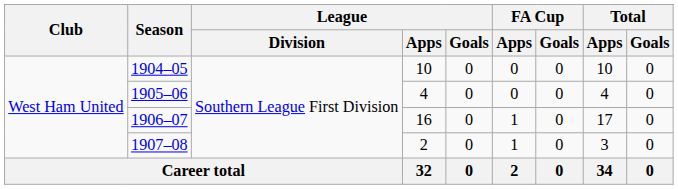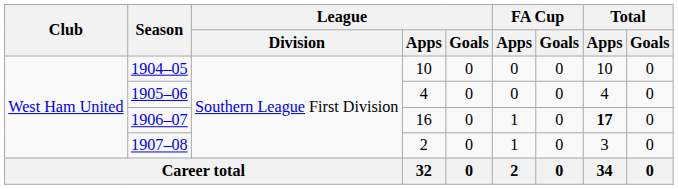 <table class="wikitable" style="text-align:center;">
 <tr>
 <th rowspan="2">Club</th>
 <th rowspan="2">Season</th>
 <th colspan="3">League</th>
 <th colspan="2">FA Cup</th>
 <th colspan="2">Total</th>
 </tr>
 <tr>
 <th>Division</th>
 <th>Apps</th>
 <th>Goals</th>
 <th>Apps</th>
 <th>Goals</th>
 <th>Apps</th>
 <th>Goals</th>
 </tr>
 <tr>
 <td rowspan="4"><a href='#'>West Ham United</a></td>
 <td><a href='#'>1904–05</a></td>
 <td rowspan="4"><a href='#'>Southern League</a> First Division</td>
 <td>10</td>
 <td>0</td>
 <td>0</td>
 <td>0</td>
 <td>10</td>
 <td>0</td>
 </tr>
 <tr>
 <td><a href='#'>1905–06</a></td>
 <td>4</td>
 <td>0</td>
 <td>0</td>
 <td>0</td>
 <td>4</td>
 <td>0</td>
 </tr>
 <tr>
 <td><a href='#'>1906–07</a></td>
 <td>16</td>
 <td>0</td>
 <td>1</td>
 <td>0</td>
-<td>17</td>
+<td><strong>17</strong></td>
 <td>0</td>
 </tr>
 <tr>
 <td><a href='#'>1907–08</a></td>
 <td>2</td>
 <td>0</td>
 <td>1</td>
 <td>0</td>
 <td>3</td>
 <td>0</td>
 </tr>
 <tr>
 <th colspan="3">Career total</th>
 <th>32</th>
 <th>0</th>
 <th>2</th>
 <th>0</th>
 <th>34</th>
 <th>0</th>
 </tr>
 </table>
